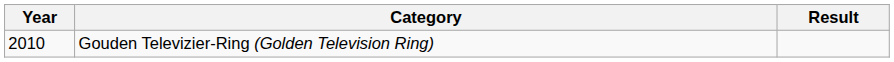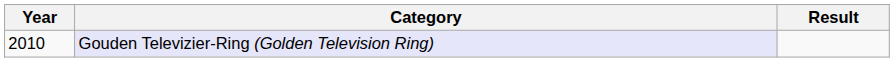 <table class="wikitable sortable">
 <tr>
 <th style="width:5%;">Year</th>
 <th style="width:50%;">Category</th>
 <th style="width:8%;">Result</th>
 </tr>
 <tr>
 <td rowspan="6">2010</td>
-<td>Gouden Televizier-Ring <em>(Golden Television Ring)</em></td>
+<td style="background: lavender;">Gouden Televizier-Ring <em>(Golden Television Ring)</em></td>
 <td></td>
 </tr>
 </table>
